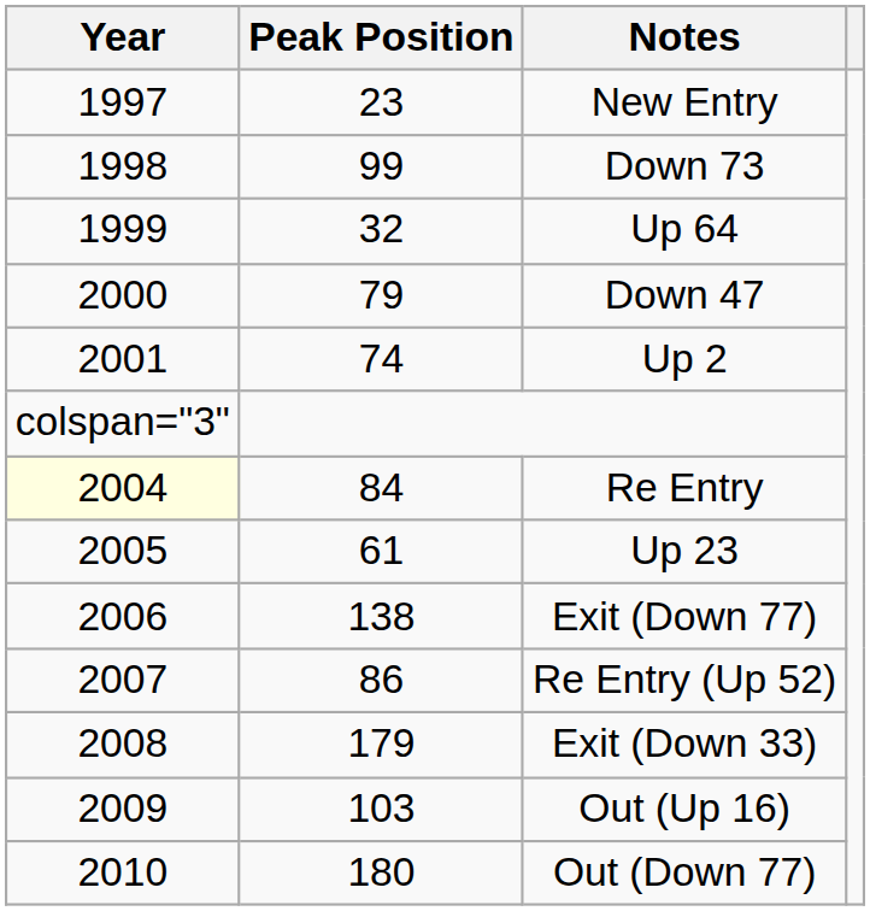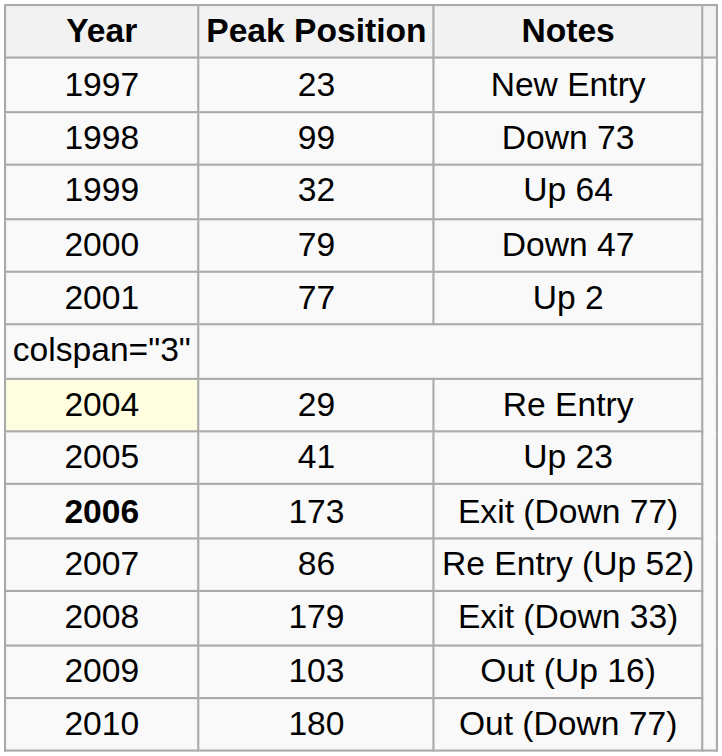 <table class="wikitable plainrowheaders" style="text-align:center;">
 <tr>
 <th>Year</th>
 <th>Peak Position</th>
 <th>Notes</th>
 <th></th>
 </tr>
 <tr>
 <td>1997</td>
 <td>23</td>
 <td>New Entry</td>
 <td rowspan="13"></td>
 </tr>
 <tr>
 <td>1998</td>
 <td>99</td>
 <td>Down 73</td>
 </tr>
 <tr>
 <td>1999</td>
 <td>32</td>
 <td>Up 64</td>
 </tr>
 <tr>
 <td>2000</td>
 <td>79</td>
 <td>Down 47</td>
 </tr>
 <tr>
 <td>2001</td>
-<td>74</td>
+<td>77</td>
 <td>Up 2</td>
 </tr>
 <tr>
 <td>colspan="3" </td>
 </tr>
 <tr>
 <td style="background: lightyellow;">2004</td>
-<td>84</td>
+<td>29</td>
 <td>Re Entry</td>
 </tr>
 <tr>
 <td>2005</td>
-<td>61</td>
+<td>41</td>
 <td>Up 23</td>
 </tr>
 <tr>
-<td>2006</td>
-<td>138</td>
+<td><strong>2006</strong></td>
+<td>173</td>
 <td>Exit (Down 77)</td>
 </tr>
 <tr>
 <td>2007</td>
 <td>86</td>
 <td>Re Entry (Up 52)</td>
 </tr>
 <tr>
 <td>2008</td>
 <td>179</td>
 <td>Exit (Down 33)</td>
 </tr>
 <tr>
 <td>2009</td>
 <td>103</td>
 <td>Out (Up 16)</td>
 </tr>
 <tr>
 <td>2010</td>
 <td>180</td>
 <td>Out (Down 77)</td>
 </tr>
 </table>
